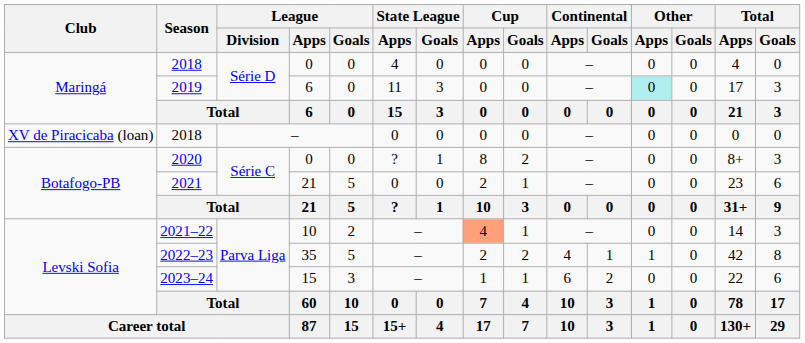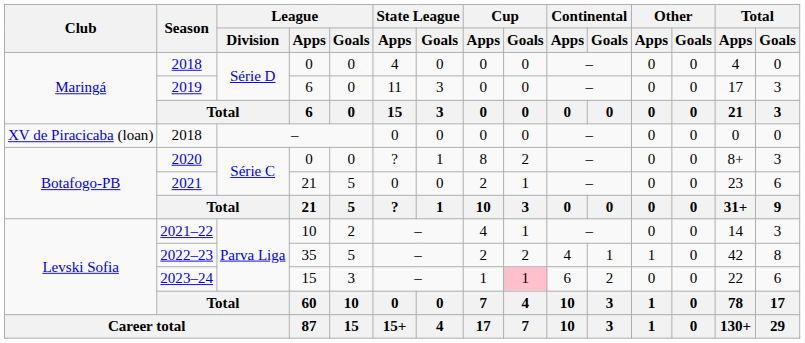 <table class="wikitable" style="text-align:center">
 <tr>
 <th rowspan="2">Club</th>
 <th rowspan="2">Season</th>
 <th colspan="3">League</th>
 <th colspan="2">State League</th>
 <th colspan="2">Cup</th>
 <th colspan="2">Continental</th>
 <th colspan="2">Other</th>
 <th colspan="2">Total</th>
 </tr>
 <tr>
 <th>Division</th>
 <th>Apps</th>
 <th>Goals</th>
 <th>Apps</th>
 <th>Goals</th>
 <th>Apps</th>
 <th>Goals</th>
 <th>Apps</th>
 <th>Goals</th>
 <th>Apps</th>
 <th>Goals</th>
 <th>Apps</th>
 <th>Goals</th>
 </tr>
 <tr>
 <td rowspan="3"><a href='#'>Maringá</a></td>
 <td><a href='#'>2018</a></td>
 <td rowspan="2"><a href='#'>Série D</a></td>
 <td>0</td>
 <td>0</td>
 <td>4</td>
 <td>0</td>
 <td>0</td>
 <td>0</td>
 <td colspan="2">–</td>
 <td>0</td>
 <td>0</td>
 <td>4</td>
 <td>0</td>
 </tr>
 <tr>
 <td><a href='#'>2019</a></td>
 <td>6</td>
 <td>0</td>
 <td>11</td>
 <td>3</td>
 <td>0</td>
 <td>0</td>
 <td colspan="2">–</td>
-<td style="background: paleturquoise;">0</td>
+<td>0</td>
 <td>0</td>
 <td>17</td>
 <td>3</td>
 </tr>
 <tr>
 <th colspan="2">Total</th>
 <th>6</th>
 <th>0</th>
 <th>15</th>
 <th>3</th>
 <th>0</th>
 <th>0</th>
 <th>0</th>
 <th>0</th>
 <th>0</th>
 <th>0</th>
 <th>21</th>
 <th>3</th>
 </tr>
 <tr>
 <td><a href='#'>XV de Piracicaba</a> (loan)</td>
 <td>2018</td>
 <td colspan="3">–</td>
 <td>0</td>
 <td>0</td>
 <td>0</td>
 <td>0</td>
 <td colspan="2">–</td>
 <td>0</td>
 <td>0</td>
 <td>0</td>
 <td>0</td>
 </tr>
 <tr>
 <td rowspan="3"><a href='#'>Botafogo-PB</a></td>
 <td><a href='#'>2020</a></td>
 <td rowspan="2"><a href='#'>Série C</a></td>
 <td>0</td>
 <td>0</td>
 <td>?</td>
 <td>1</td>
 <td>8</td>
 <td>2</td>
 <td colspan="2">–</td>
 <td>0</td>
 <td>0</td>
 <td>8+</td>
 <td>3</td>
 </tr>
 <tr>
 <td><a href='#'>2021</a></td>
 <td>21</td>
 <td>5</td>
 <td>0</td>
 <td>0</td>
 <td>2</td>
 <td>1</td>
 <td colspan="2">–</td>
 <td>0</td>
 <td>0</td>
 <td>23</td>
 <td>6</td>
 </tr>
 <tr>
 <th colspan="2">Total</th>
 <th>21</th>
 <th>5</th>
 <th>?</th>
 <th>1</th>
 <th>10</th>
 <th>3</th>
 <th>0</th>
 <th>0</th>
 <th>0</th>
 <th>0</th>
 <th>31+</th>
 <th>9</th>
 </tr>
 <tr>
 <td rowspan="4"><a href='#'>Levski Sofia</a></td>
 <td><a href='#'>2021–22</a></td>
 <td rowspan="3"><a href='#'>Parva Liga</a></td>
 <td>10</td>
 <td>2</td>
 <td colspan="2">–</td>
-<td style="background: lightsalmon;">4</td>
+<td>4</td>
 <td>1</td>
 <td colspan="2">–</td>
 <td>0</td>
 <td>0</td>
 <td>14</td>
 <td>3</td>
 </tr>
 <tr>
 <td><a href='#'>2022–23</a></td>
 <td>35</td>
 <td>5</td>
 <td colspan="2">–</td>
 <td>2</td>
 <td>2</td>
 <td>4</td>
 <td>1</td>
 <td>1</td>
 <td>0</td>
 <td>42</td>
 <td>8</td>
 </tr>
 <tr>
 <td><a href='#'>2023–24</a></td>
 <td>15</td>
 <td>3</td>
 <td colspan="2">–</td>
 <td>1</td>
-<td>1</td>
+<td style="background: pink;">1</td>
 <td>6</td>
 <td>2</td>
 <td>0</td>
 <td>0</td>
 <td>22</td>
 <td>6</td>
 </tr>
 <tr>
 <th colspan="2">Total</th>
 <th>60</th>
 <th>10</th>
 <th>0</th>
 <th>0</th>
 <th>7</th>
 <th>4</th>
 <th>10</th>
 <th>3</th>
 <th>1</th>
 <th>0</th>
 <th>78</th>
 <th>17</th>
 </tr>
 <tr>
 <th colspan="3">Career total</th>
 <th>87</th>
 <th>15</th>
 <th>15+</th>
 <th>4</th>
 <th>17</th>
 <th>7</th>
 <th>10</th>
 <th>3</th>
 <th>1</th>
 <th>0</th>
 <th>130+</th>
 <th>29</th>
 </tr>
 </table>
